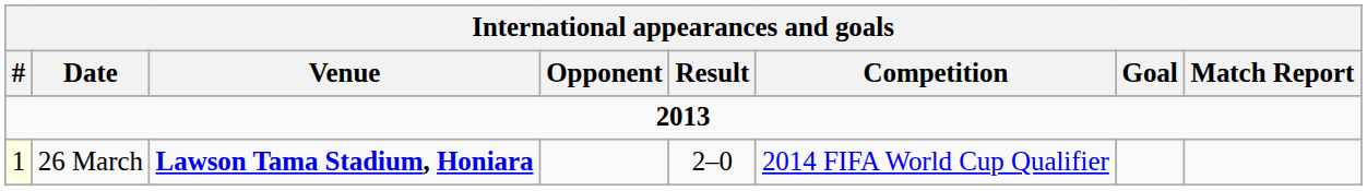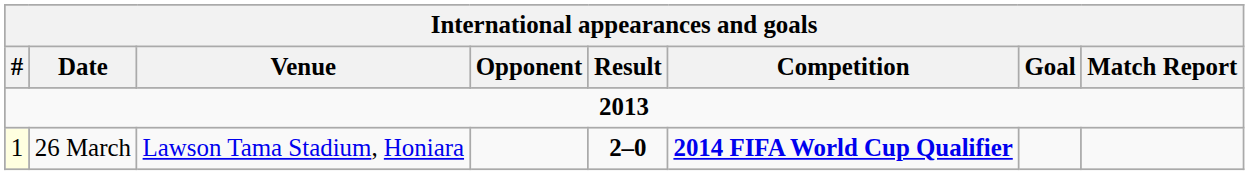 <table class="wikitable collapsible collapsed" style="font-size:90%">
 <tr>
 <th colspan="8"><strong>International appearances and goals</strong></th>
 </tr>
 <tr>
 <th>#</th>
 <th>Date</th>
 <th>Venue</th>
 <th>Opponent</th>
 <th>Result</th>
 <th>Competition</th>
 <th>Goal</th>
 <th>Match Report</th>
 </tr>
 <tr>
 <td colspan=8 align=center><strong>2013</strong></td>
 </tr>
 <tr>
 <td align=center style="background: lightyellow;">1</td>
 <td>26 March</td>
-<td><strong><a href='#'>Lawson Tama Stadium</a>, <a href='#'>Honiara</a></strong></td>
+<td><a href='#'>Lawson Tama Stadium</a>, <a href='#'>Honiara</a></td>
 <td></td>
-<td align=center>2–0</td>
-<td><a href='#'>2014 FIFA World Cup Qualifier</a></td>
+<td align=center><strong>2–0</strong></td>
+<td><strong><a href='#'>2014 FIFA World Cup Qualifier</a></strong></td>
 <td></td>
 <td></td>
 </tr>
 </table>
